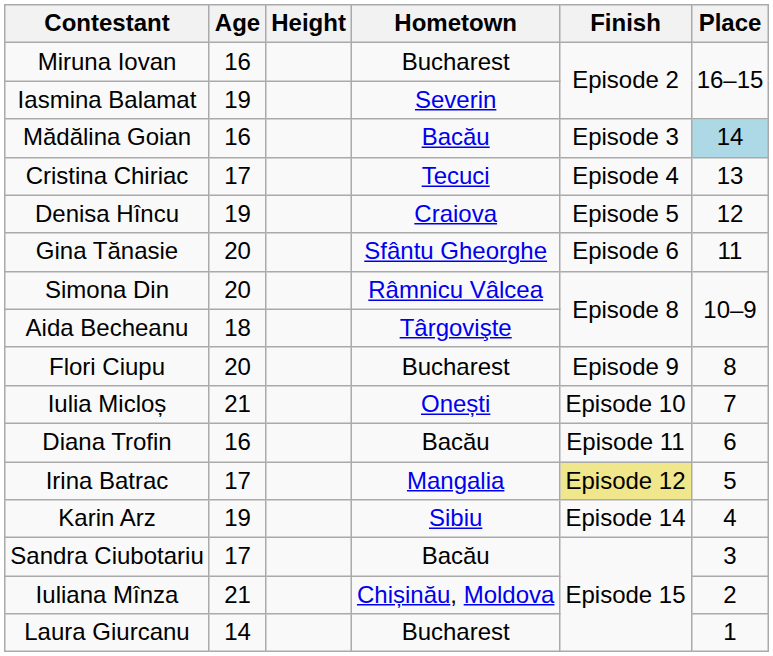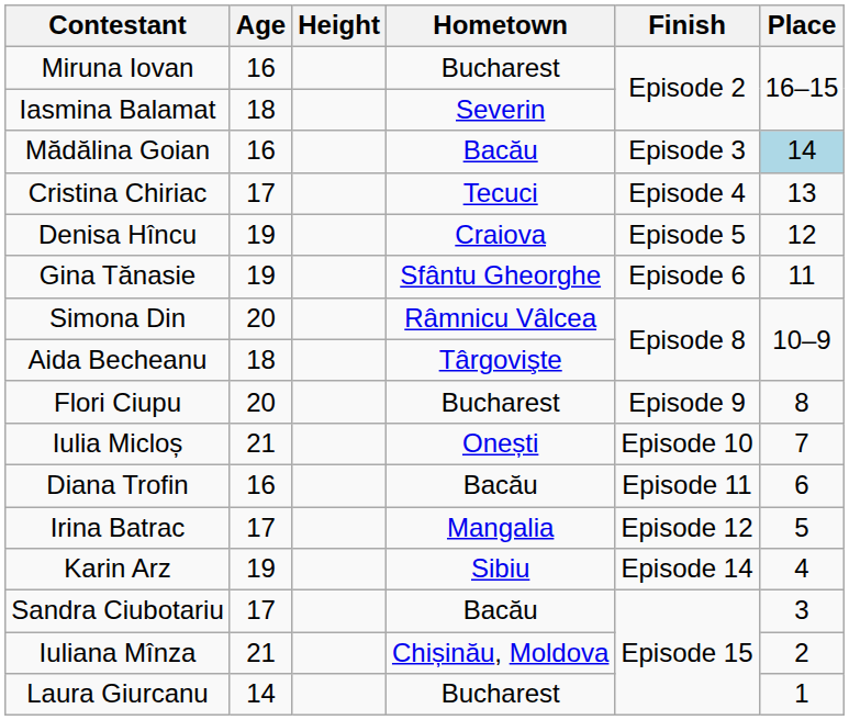 <table class="wikitable sortable" style="text-align:center;">
 <tr>
 <th>Contestant</th>
 <th>Age</th>
 <th>Height</th>
 <th>Hometown</th>
 <th>Finish</th>
 <th>Place</th>
 </tr>
 <tr>
 <td>Miruna Iovan</td>
 <td>16</td>
 <td></td>
 <td>Bucharest</td>
 <td rowspan=2>Episode 2</td>
 <td rowspan="2">16–15</td>
 </tr>
 <tr>
 <td>Iasmina Balamat</td>
-<td>19</td>
+<td>18</td>
 <td></td>
 <td><a href='#'>Severin</a></td>
 </tr>
 <tr>
 <td>Mădălina Goian</td>
 <td>16</td>
 <td></td>
 <td><a href='#'>Bacău</a></td>
 <td>Episode 3</td>
 <td style="background: lightblue;">14</td>
 </tr>
 <tr>
 <td>Cristina Chiriac</td>
 <td>17</td>
 <td></td>
 <td><a href='#'>Tecuci</a></td>
 <td>Episode 4</td>
 <td>13</td>
 </tr>
 <tr>
 <td>Denisa Hîncu</td>
 <td>19</td>
 <td></td>
 <td><a href='#'>Craiova</a></td>
 <td>Episode 5</td>
 <td>12</td>
 </tr>
 <tr>
 <td>Gina Tănasie</td>
-<td>20</td>
+<td>19</td>
 <td></td>
 <td><a href='#'>Sfântu Gheorghe</a></td>
 <td>Episode 6</td>
 <td>11</td>
 </tr>
 <tr>
 <td>Simona Din</td>
 <td>20</td>
 <td></td>
 <td><a href='#'>Râmnicu Vâlcea</a></td>
 <td rowspan=2>Episode 8</td>
 <td rowspan="2">10–9</td>
 </tr>
 <tr>
 <td>Aida Becheanu</td>
 <td>18</td>
 <td></td>
 <td><a href='#'>Târgovişte</a></td>
 </tr>
 <tr>
 <td>Flori Ciupu</td>
 <td>20</td>
 <td></td>
 <td>Bucharest</td>
 <td>Episode 9</td>
 <td>8</td>
 </tr>
 <tr>
 <td>Iulia Micloș</td>
 <td>21</td>
 <td></td>
 <td><a href='#'>Onești</a></td>
 <td>Episode 10</td>
 <td>7</td>
 </tr>
 <tr>
 <td>Diana Trofin</td>
 <td>16</td>
 <td></td>
 <td>Bacău</td>
 <td>Episode 11</td>
 <td>6</td>
 </tr>
 <tr>
 <td>Irina Batrac</td>
 <td>17</td>
 <td></td>
 <td><a href='#'>Mangalia</a></td>
-<td style="background: khaki;">Episode 12</td>
+<td>Episode 12</td>
 <td>5</td>
 </tr>
 <tr>
 <td>Karin Arz</td>
 <td>19</td>
 <td></td>
 <td><a href='#'>Sibiu</a></td>
 <td>Episode 14</td>
 <td>4</td>
 </tr>
 <tr>
 <td>Sandra Ciubotariu</td>
 <td>17</td>
 <td></td>
 <td>Bacău</td>
 <td rowspan="3">Episode 15</td>
 <td>3</td>
 </tr>
 <tr>
 <td>Iuliana Mînza</td>
 <td>21</td>
 <td></td>
 <td><a href='#'>Chișinău</a>, <a href='#'>Moldova</a></td>
 <td>2</td>
 </tr>
 <tr>
 <td>Laura Giurcanu</td>
 <td>14</td>
 <td></td>
 <td>Bucharest</td>
 <td>1</td>
 </tr>
 </table>
